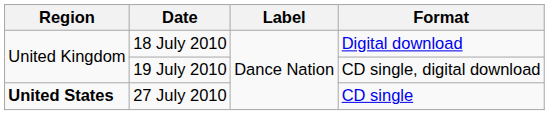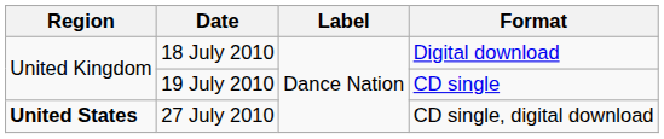 <table class=wikitable>
 <tr>
 <th>Region</th>
 <th>Date</th>
 <th>Label</th>
 <th>Format</th>
 </tr>
 <tr>
 <td rowspan="2">United Kingdom</td>
 <td>18 July 2010</td>
 <td rowspan="3">Dance Nation</td>
 <td><a href='#'>Digital download</a></td>
 </tr>
 <tr>
 <td>19 July 2010</td>
-<td>CD single, digital download</td>
+<td><a href='#'>CD single</a></td>
 </tr>
 <tr>
 <td><strong>United States</strong></td>
 <td>27 July 2010</td>
-<td><a href='#'>CD single</a></td>
+<td>CD single, digital download</td>
 </tr>
 </table>
